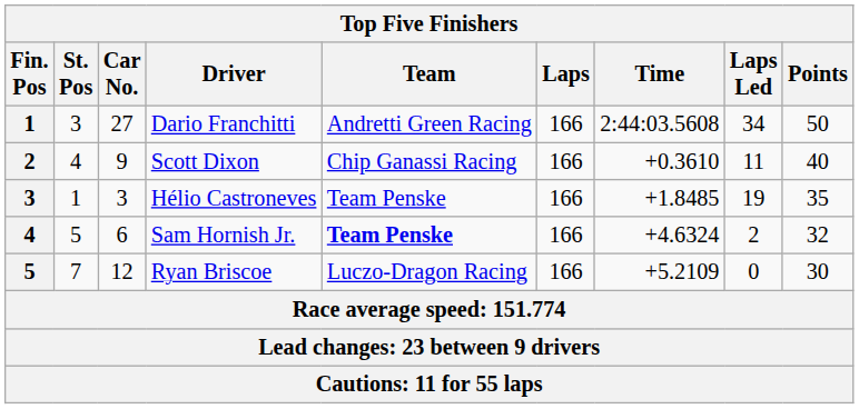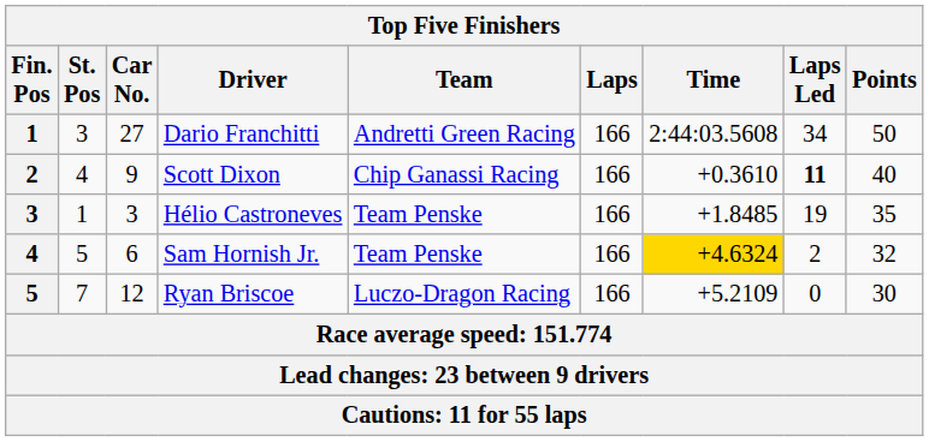 <table class="wikitable" style="font-size:95%;text-align:center">
 <tr>
 <th colspan=9>Top Five Finishers</th>
 </tr>
 <tr>
 <th>Fin.<br>Pos</th>
 <th>St.<br>Pos</th>
 <th>Car<br>No.</th>
 <th>Driver</th>
 <th>Team</th>
 <th>Laps</th>
 <th>Time</th>
 <th>Laps<br>Led</th>
 <th>Points</th>
 </tr>
 <tr>
 <th>1</th>
 <td>3</td>
 <td>27</td>
 <td style="text-align:left"> <a href='#'>Dario Franchitti</a></td>
 <td style="text-align:left"><a href='#'>Andretti Green Racing</a></td>
 <td>166</td>
 <td align=right>2:44:03.5608</td>
 <td>34</td>
 <td>50</td>
 </tr>
 <tr>
 <th>2</th>
 <td>4</td>
 <td>9</td>
 <td style="text-align:left"> <a href='#'>Scott Dixon</a></td>
 <td style="text-align:left"><a href='#'>Chip Ganassi Racing</a></td>
 <td>166</td>
 <td align=right>+0.3610</td>
-<td>11</td>
+<td><strong>11</strong></td>
 <td>40</td>
 </tr>
 <tr>
 <th>3</th>
 <td>1</td>
 <td>3</td>
 <td style="text-align:left"> <a href='#'>Hélio Castroneves</a></td>
 <td style="text-align:left"><a href='#'>Team Penske</a></td>
 <td>166</td>
 <td align=right>+1.8485</td>
 <td>19</td>
 <td>35</td>
 </tr>
 <tr>
 <th>4</th>
 <td>5</td>
 <td>6</td>
 <td style="text-align:left"> <a href='#'>Sam Hornish Jr.</a></td>
-<td style="text-align:left"><strong><a href='#'>Team Penske</a></strong></td>
+<td style="text-align:left"><a href='#'>Team Penske</a></td>
 <td>166</td>
-<td align=right>+4.6324</td>
+<td align=right style="background: gold;">+4.6324</td>
 <td>2</td>
 <td>32</td>
 </tr>
 <tr>
 <th>5</th>
 <td>7</td>
 <td>12</td>
 <td style="text-align:left"> <a href='#'>Ryan Briscoe</a></td>
 <td style="text-align:left"><a href='#'>Luczo-Dragon Racing</a></td>
 <td>166</td>
 <td align=right>+5.2109</td>
 <td>0</td>
 <td>30</td>
 </tr>
 <tr>
 <th colspan=9>Race average speed: 151.774</th>
 </tr>
 <tr>
 <th colspan=9>Lead changes: 23 between 9 drivers</th>
 </tr>
 <tr>
 <th colspan=9>Cautions: 11 for 55 laps</th>
 </tr>
 </table>
